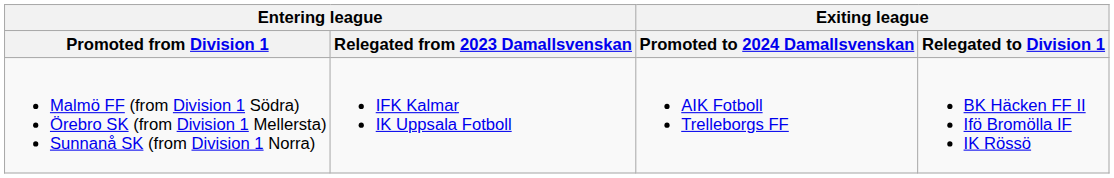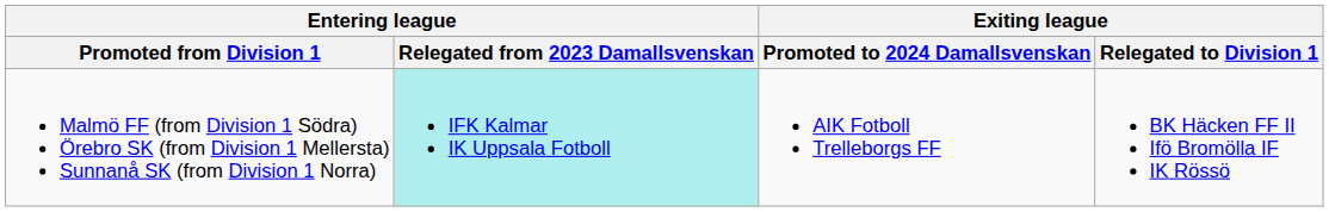 <table class="wikitable">
 <tr>
 <th colspan="2">Entering league</th>
 <th colspan="2">Exiting league</th>
 </tr>
 <tr>
 <th>Promoted from <a href='#'>Division 1</a></th>
 <th>Relegated from <a href='#'>2023 Damallsvenskan</a></th>
 <th>Promoted to <a href='#'>2024 Damallsvenskan</a></th>
 <th>Relegated to <a href='#'>Division 1</a></th>
 </tr>
 <tr style="vertical-align:top;">
 <td><br><ul><li><a href='#'>Malmö FF</a> (from <a href='#'>Division 1</a> Södra)</li><li><a href='#'>Örebro SK</a> (from <a href='#'>Division 1</a> Mellersta)</li><li><a href='#'>Sunnanå SK</a> (from <a href='#'>Division 1</a> Norra)</li></ul></td>
-<td><br><ul><li><a href='#'>IFK Kalmar</a></li><li><a href='#'>IK Uppsala Fotboll</a></li></ul></td>
+<td style="background: paleturquoise;"><br><ul><li><a href='#'>IFK Kalmar</a></li><li><a href='#'>IK Uppsala Fotboll</a></li></ul></td>
 <td><br><ul><li><a href='#'>AIK Fotboll</a></li><li><a href='#'>Trelleborgs FF</a></li></ul></td>
 <td><br><ul><li><a href='#'>BK Häcken FF II</a></li><li><a href='#'>Ifö Bromölla IF</a></li><li><a href='#'>IK Rössö</a></li></ul></td>
 </tr>
 </table>
